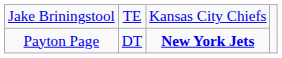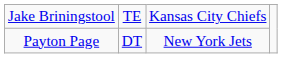 <table class="wikitable" style="text-align:center">
 <tr>
 <td><a href='#'>Jake Briningstool</a></td>
 <td><a href='#'>TE</a></td>
 <td><a href='#'>Kansas City Chiefs</a></td>
 <td rowspan=2></td>
 </tr>
 <tr>
 <td><a href='#'>Payton Page</a></td>
 <td><a href='#'>DT</a></td>
-<td><strong><a href='#'>New York Jets</a></strong></td>
+<td><a href='#'>New York Jets</a></td>
 </tr>
 </table>
